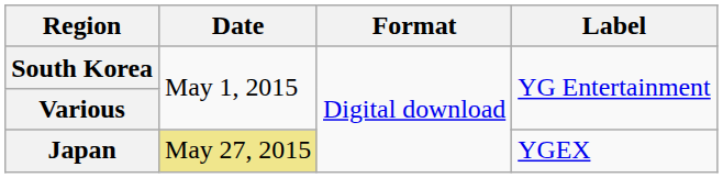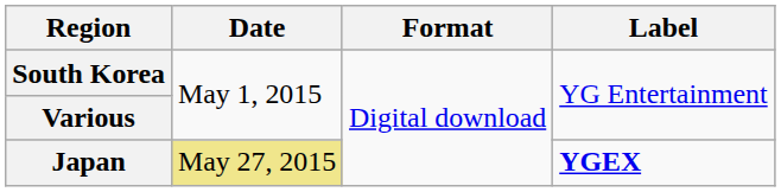 <table class="wikitable plainrowheaders">
 <tr>
 <th scope="col">Region</th>
 <th scope="col">Date</th>
 <th scope="col">Format</th>
 <th scope="col">Label</th>
 </tr>
 <tr>
 <th scope="row">South Korea</th>
 <td rowspan="2">May 1, 2015</td>
 <td rowspan="3"><a href='#'>Digital download</a></td>
 <td rowspan="2"><a href='#'>YG Entertainment</a></td>
 </tr>
 <tr>
 <th scope="row">Various</th>
 </tr>
 <tr>
 <th scope="row">Japan</th>
 <td style="background: khaki;">May 27, 2015</td>
-<td><a href='#'>YGEX</a></td>
+<td><strong><a href='#'>YGEX</a></strong></td>
 </tr>
 </table>
